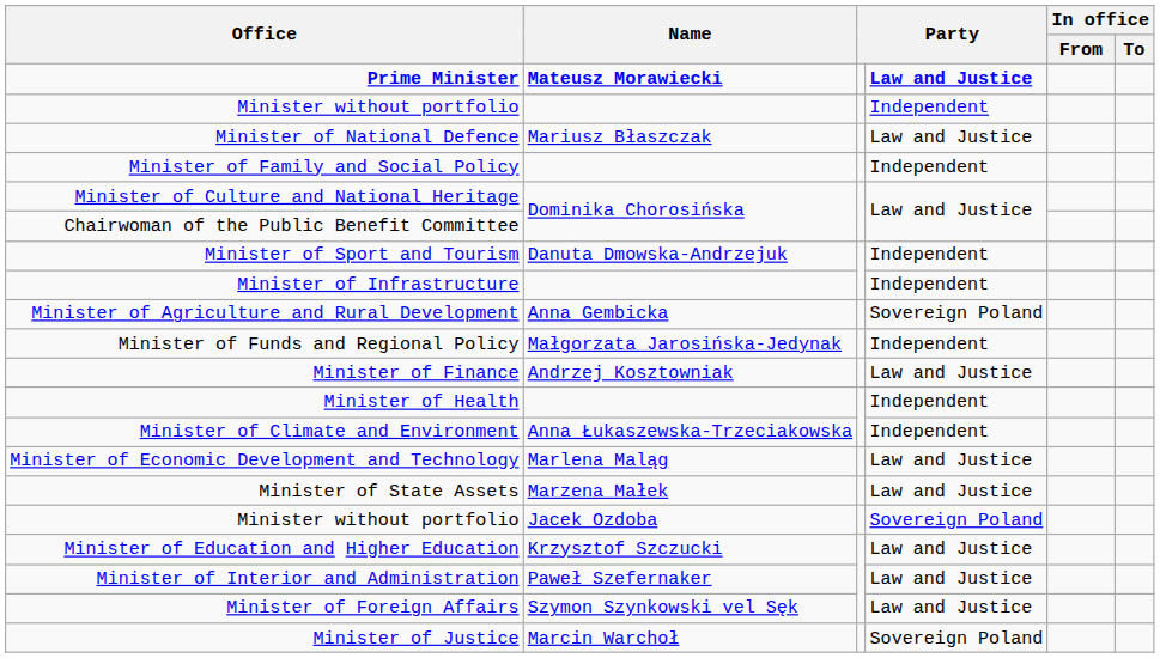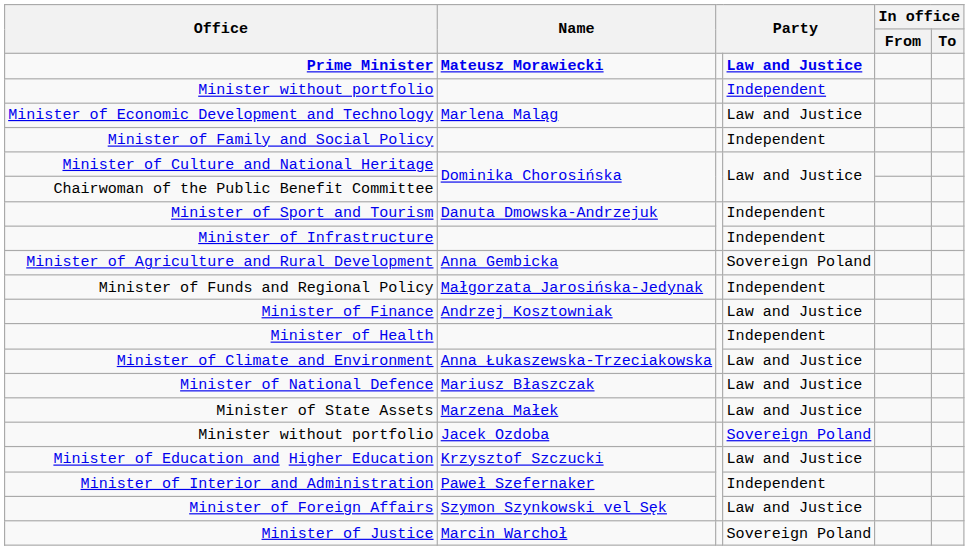 <table class="wikitable sortable">
 <tr>
 <th rowspan="2">Office</th>
 <th rowspan="2">Name</th>
 <th colspan="2" rowspan="2">Party</th>
 <th colspan="2">In office</th>
 </tr>
 <tr>
 <th>From</th>
 <th>To</th>
 </tr>
 <tr>
 <td align="right"><strong><a href='#'>Prime Minister</a></strong></td>
 <td><strong><a href='#'>Mateusz Morawiecki</a></strong></td>
 <td style="background:"></td>
 <td><strong><a href='#'>Law and Justice</a></strong></td>
 <td align="center" style="padding-right:10px"><strong></strong></td>
 <td align="center" style="padding-right:10px"><strong></strong></td>
 </tr>
 <tr>
 <td align="right"><a href='#'>Minister without portfolio</a></td>
 <td></td>
 <td style="background:"></td>
 <td><a href='#'>Independent</a></td>
 <td align="center" style="padding-right:10px"></td>
 <td align="center" style="padding-right:10px"></td>
 </tr>
 <tr>
-<td align="right"><a href='#'>Minister of National Defence</a></td>
-<td><a href='#'>Mariusz Błaszczak</a></td>
+<td align="right"><a href='#'>Minister of Economic Development and Technology</a></td>
+<td><a href='#'>Marlena Maląg</a></td>
 <td style="background:"></td>
 <td>Law and Justice</td>
 <td align="center" style="padding-right:10px"></td>
 <td align="center" style="padding-right:10px"></td>
 </tr>
 <tr>
 <td align="right"><a href='#'>Minister of Family and Social Policy</a></td>
 <td></td>
 <td style="background:"></td>
 <td>Independent</td>
 <td align="center" style="padding-right:10px"></td>
 <td align="center" style="padding-right:10px"></td>
 </tr>
 <tr>
 <td align="right"><a href='#'>Minister of Culture and National Heritage</a></td>
 <td rowspan="2"><a href='#'>Dominika Chorosińska</a></td>
 <td rowspan="2" style="background:"></td>
 <td rowspan="2">Law and Justice</td>
 <td align="center" style="padding-right:10px"></td>
 <td align="center" style="padding-right:10px"></td>
 </tr>
 <tr>
 <td align="right">Chairwoman of the Public Benefit Committee</td>
 <td align="center" style="padding-right:10px"></td>
 <td align="center" style="padding-right:10px"></td>
 </tr>
 <tr>
 <td align="right"><a href='#'>Minister of Sport and Tourism</a></td>
 <td><a href='#'>Danuta Dmowska-Andrzejuk</a></td>
 <td rowspan="2" style="background:"></td>
 <td>Independent</td>
 <td align="center" style="padding-right:10px"></td>
 <td align="center" style="padding-right:10px"></td>
 </tr>
 <tr>
 <td align="right"><a href='#'>Minister of Infrastructure</a></td>
 <td></td>
 <td>Independent</td>
 <td style="padding-right:10px" align="center"></td>
 <td align="center" style="padding-right:10px"></td>
 </tr>
 <tr>
 <td align="right"><a href='#'>Minister of Agriculture and Rural Development</a></td>
 <td><a href='#'>Anna Gembicka</a></td>
 <td style="background:"></td>
 <td>Sovereign Poland</td>
 <td align="center" style="padding-right:10px"></td>
 <td align="center" style="padding-right:10px"></td>
 </tr>
 <tr>
 <td align="right">Minister of Funds and Regional Policy</td>
 <td><a href='#'>Małgorzata Jarosińska-Jedynak</a></td>
 <td style="background:"></td>
 <td>Independent</td>
 <td align="center" style="padding-right:10px"></td>
 <td align="center" style="padding-right:10px"></td>
 </tr>
 <tr>
 <td align="right"><a href='#'>Minister of Finance</a></td>
 <td><a href='#'>Andrzej Kosztowniak</a></td>
 <td style="background:"></td>
 <td>Law and Justice</td>
 <td align="center" style="padding-right:10px"></td>
 <td align="center" style="padding-right:10px"></td>
 </tr>
 <tr>
 <td align="right"><a href='#'>Minister of Health</a></td>
 <td></td>
 <td rowspan="2" style="background:"></td>
 <td>Independent</td>
 <td align="center" style="padding-right:10px"></td>
 <td align="center" style="padding-right:10px"></td>
 </tr>
 <tr>
 <td align="right"><a href='#'>Minister of Climate and Environment</a></td>
 <td><a href='#'>Anna Łukaszewska-Trzeciakowska</a></td>
-<td>Independent</td>
+<td>Law and Justice</td>
 <td style="padding-right:10px" align="center"></td>
 <td align="center" style="padding-right:10px"></td>
 </tr>
 <tr>
-<td align="right"><a href='#'>Minister of Economic Development and Technology</a></td>
-<td><a href='#'>Marlena Maląg</a></td>
+<td align="right"><a href='#'>Minister of National Defence</a></td>
+<td><a href='#'>Mariusz Błaszczak</a></td>
 <td style="background:"></td>
 <td>Law and Justice</td>
 <td align="center" style="padding-right:10px"></td>
 <td align="center" style="padding-right:10px"></td>
 </tr>
 <tr>
 <td align="right">Minister of State Assets</td>
 <td><a href='#'>Marzena Małek</a></td>
 <td style="background:"></td>
 <td>Law and Justice</td>
 <td align="center" style="padding-right:10px"></td>
 <td align="center" style="padding-right:10px"></td>
 </tr>
 <tr>
 <td align="right">Minister without portfolio</td>
 <td><a href='#'>Jacek Ozdoba</a></td>
 <td style="background:"></td>
 <td><a href='#'>Sovereign Poland</a></td>
 <td align="center" style="padding-right:10px"></td>
 <td align="center" style="padding-right:10px"></td>
 </tr>
 <tr>
 <td align="right"><a href='#'>Minister of Education and</a> <a href='#'>Higher Education</a></td>
 <td><a href='#'>Krzysztof Szczucki</a></td>
 <td rowspan="3" style="background:"></td>
 <td>Law and Justice</td>
 <td align="center" style="padding-right:10px"></td>
 <td align="center" style="padding-right:10px"></td>
 </tr>
 <tr>
 <td align="right"><a href='#'>Minister of Interior and Administration</a></td>
 <td><a href='#'>Paweł Szefernaker</a></td>
-<td>Law and Justice</td>
+<td>Independent</td>
 <td style="padding-right:10px" align="center"></td>
 <td align="center" style="padding-right:10px"></td>
 </tr>
 <tr>
 <td align="right"><a href='#'>Minister of Foreign Affairs</a></td>
 <td><a href='#'>Szymon Szynkowski vel Sęk</a></td>
 <td>Law and Justice</td>
 <td style="padding-right:10px" align="center"></td>
 <td align="center" style="padding-right:10px"></td>
 </tr>
 <tr>
 <td align="right"><a href='#'>Minister of Justice</a></td>
 <td><a href='#'>Marcin Warchoł</a></td>
 <td style="background:"></td>
 <td>Sovereign Poland</td>
 <td align="center" style="padding-right:10px"></td>
 <td align="center" style="padding-right:10px"></td>
 </tr>
 </table>
